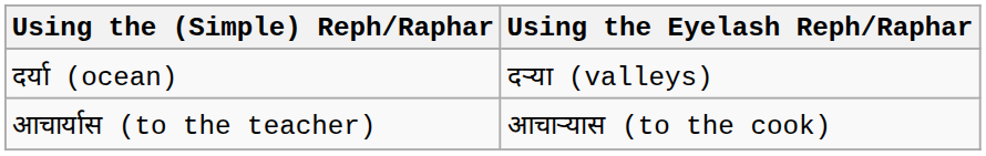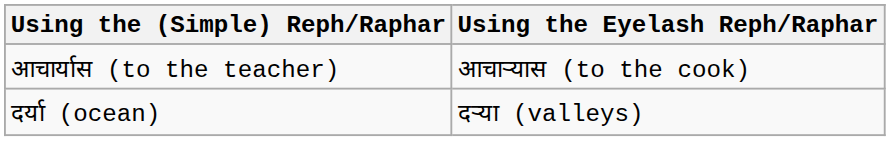 <table class="wikitable">
 <tr>
 <th>Using the (Simple) Reph/Raphar</th>
 <th>Using the Eyelash Reph/Raphar</th>
 </tr>
 <tr>
+<td>आचार्यास (to the teacher)</td>
+<td>आचार्‍यास (to the cook)</td>
+</tr>
+<tr>
 <td>दर्या (ocean)</td>
 <td>दर्‍या (valleys)</td>
 </tr>
-<tr>
-<td>आचार्यास (to the teacher)</td>
-<td>आचार्‍यास (to the cook)</td>
-</tr>
 </table>
